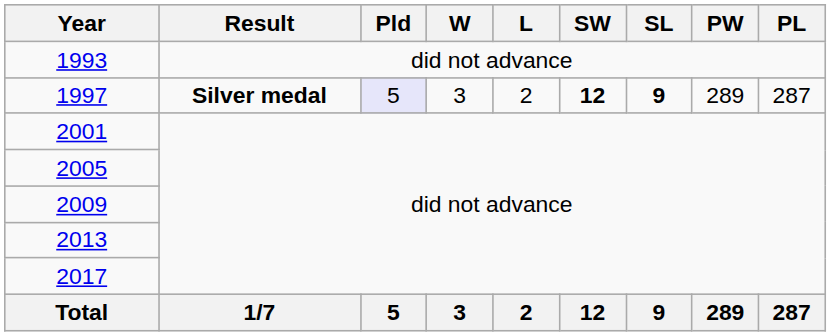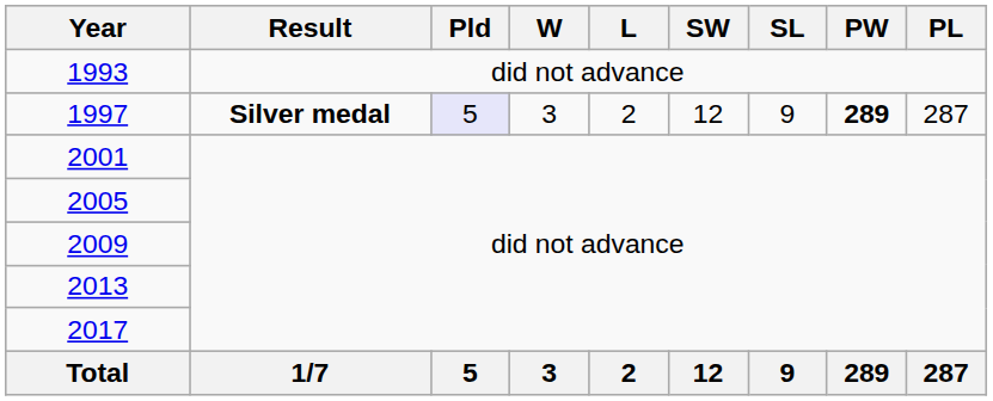 <table class="wikitable" style="text-align: center;font-size:90%;">
 <tr>
 <th width=90>Year</th>
 <th width=120>Result</th>
 <th width=35>Pld</th>
 <th width=35>W</th>
 <th width=35>L</th>
 <th width=35>SW</th>
 <th width=35>SL</th>
 <th width=35>PW</th>
 <th width=35>PL</th>
 </tr>
 <tr>
 <td> <a href='#'>1993</a></td>
 <td colspan=8>did not advance</td>
 </tr>
 <tr>
 <td> <a href='#'>1997</a></td>
 <td> <strong>Silver medal</strong></td>
 <td style="background: lavender;">5</td>
 <td>3</td>
 <td>2</td>
-<td><strong>12</strong></td>
-<td><strong>9</strong></td>
-<td>289</td>
+<td>12</td>
+<td>9</td>
+<td><strong>289</strong></td>
 <td>287</td>
 </tr>
 <tr>
 <td> <a href='#'>2001</a></td>
 <td colspan=8 rowspan=5>did not advance</td>
 </tr>
 <tr>
 <td> <a href='#'>2005</a></td>
 </tr>
 <tr>
 <td> <a href='#'>2009</a></td>
 </tr>
 <tr>
 <td> <a href='#'>2013</a></td>
 </tr>
 <tr>
 <td> <a href='#'>2017</a></td>
 </tr>
 <tr>
 <th>Total</th>
 <th>1/7</th>
 <th>5</th>
 <th>3</th>
 <th>2</th>
 <th>12</th>
 <th>9</th>
 <th>289</th>
 <th>287</th>
 </tr>
 </table>
